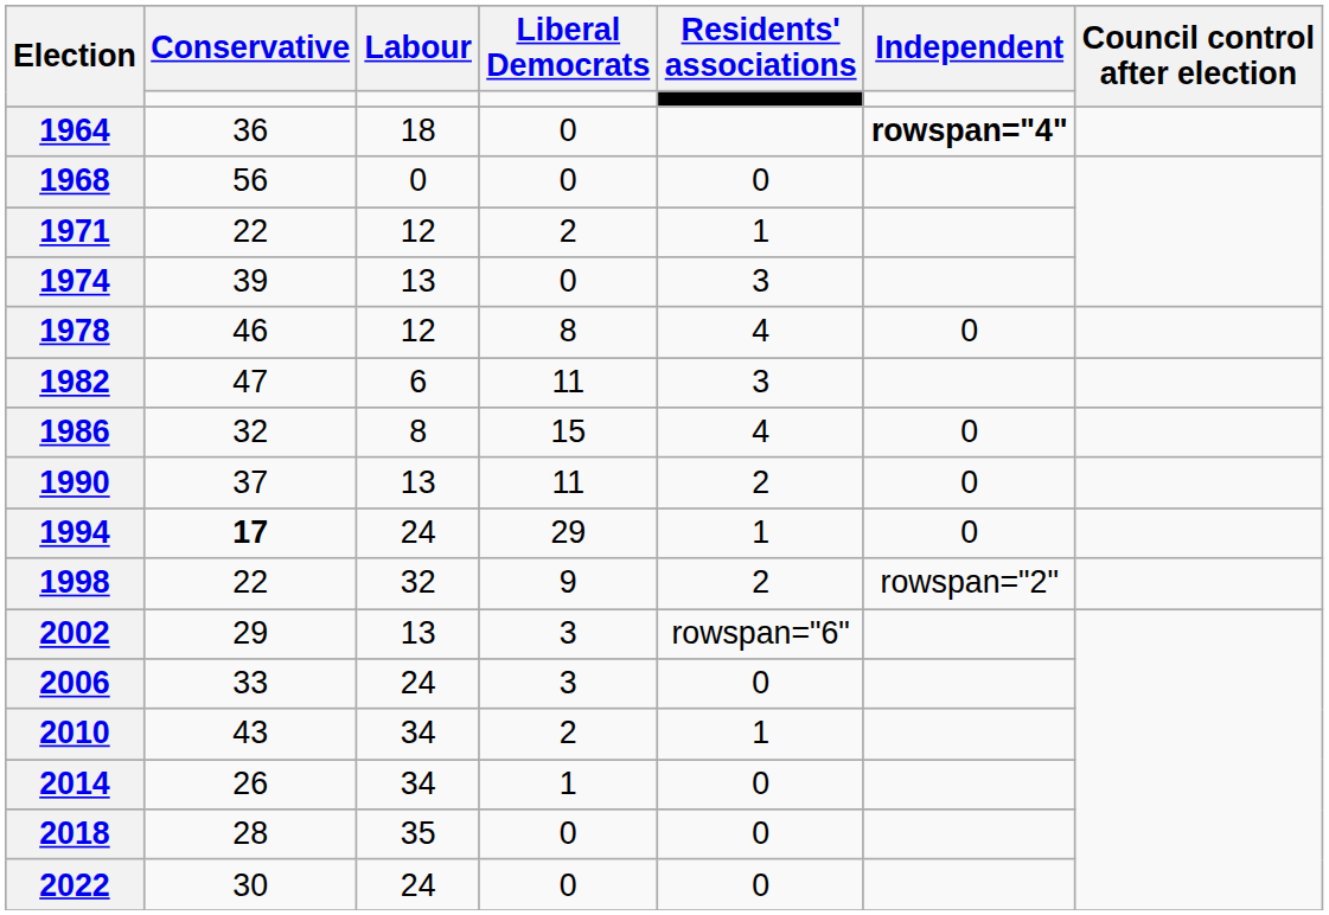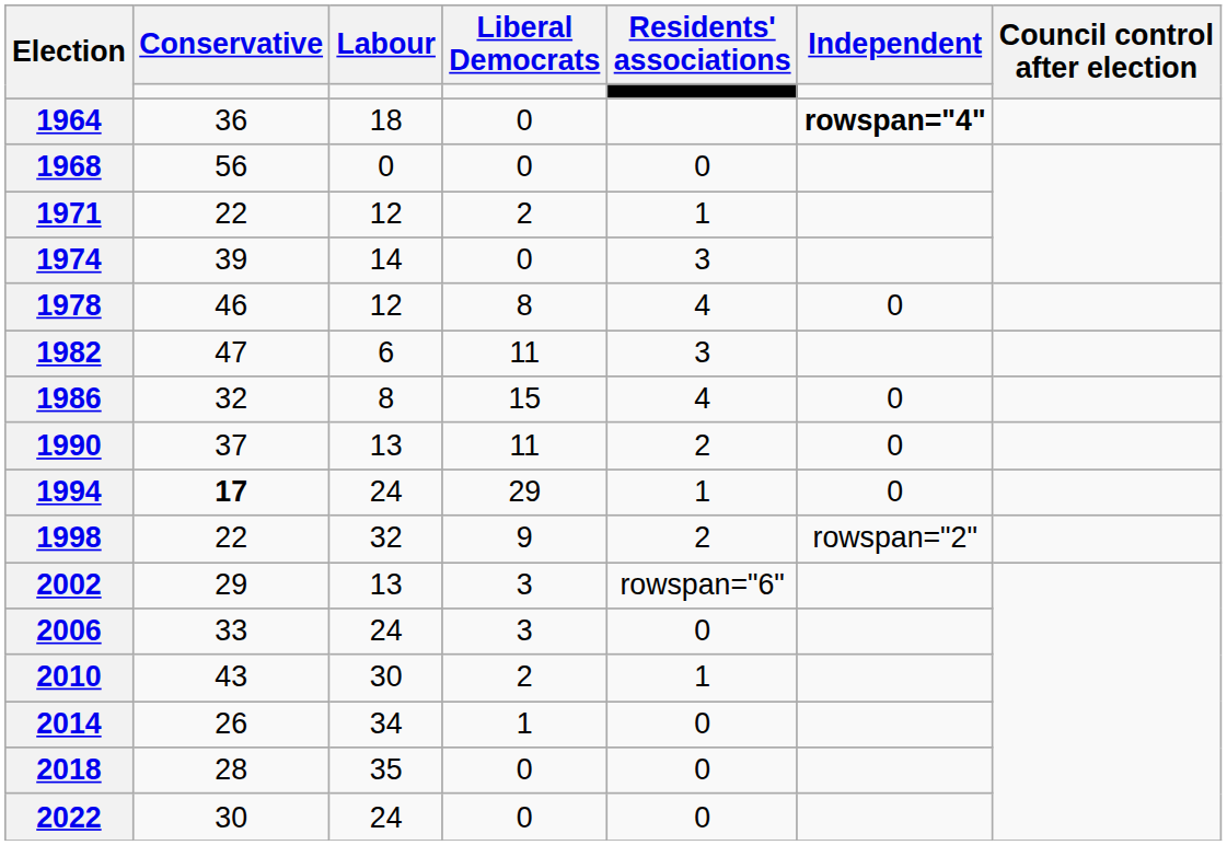 <table class="wikitable plainrowheaders" style="text-align:center">
 <tr>
 <th scope="col" rowspan="2">Election</th>
 <th scope="col"><a href='#'>Conservative</a></th>
 <th scope="col"><a href='#'>Labour</a></th>
 <th scope="col" style="width:1px"><a href='#'>Liberal Democrats</a></th>
 <th scope="col" style="width:1px"><a href='#'>Residents' associations</a></th>
 <th scope="col"><a href='#'>Independent</a></th>
 <th scope="col" rowspan="2" colspan="2">Council control<br>after election</th>
 </tr>
 <tr>
 <td style="background:"></td>
 <td style="background:"></td>
 <td style="background:"></td>
 <td style="background:#000000"></td>
 <td style="background:"></td>
 </tr>
 <tr>
 <th scope="row"><a href='#'>1964</a></th>
 <td>36</td>
 <td>18</td>
 <td>0</td>
 <td></td>
 <td><strong>rowspan="4" </strong></td>
 <td></td>
 </tr>
 <tr>
 <th scope="row"><a href='#'>1968</a></th>
 <td>56</td>
 <td>0</td>
 <td>0</td>
 <td>0</td>
 <td></td>
 </tr>
 <tr>
 <th scope="row"><a href='#'>1971</a></th>
 <td>22</td>
 <td>12</td>
 <td>2</td>
 <td>1</td>
 <td></td>
 </tr>
 <tr>
 <th scope="row"><a href='#'>1974</a></th>
 <td>39</td>
-<td>13</td>
+<td>14</td>
 <td>0</td>
 <td>3</td>
 <td></td>
 </tr>
 <tr>
 <th scope="row"><a href='#'>1978</a></th>
 <td>46</td>
 <td>12</td>
 <td>8</td>
 <td>4</td>
 <td>0</td>
 <td></td>
 </tr>
 <tr>
 <th scope="row"><a href='#'>1982</a></th>
 <td>47</td>
 <td>6</td>
 <td>11</td>
 <td>3</td>
 <td></td>
 <td></td>
 </tr>
 <tr>
 <th scope="row"><a href='#'>1986</a></th>
 <td>32</td>
 <td>8</td>
 <td>15</td>
 <td>4</td>
 <td>0</td>
 <td></td>
 </tr>
 <tr>
 <th scope="row"><a href='#'>1990</a></th>
 <td>37</td>
 <td>13</td>
 <td>11</td>
 <td>2</td>
 <td>0</td>
 <td></td>
 </tr>
 <tr>
 <th scope="row"><a href='#'>1994</a></th>
 <td><strong>17</strong></td>
 <td>24</td>
 <td>29</td>
 <td>1</td>
 <td>0</td>
 <td></td>
 </tr>
 <tr>
 <th scope="row"><a href='#'>1998</a></th>
 <td>22</td>
 <td>32</td>
 <td>9</td>
 <td>2</td>
 <td>rowspan="2" </td>
 <td></td>
 </tr>
 <tr>
 <th scope="row"><a href='#'>2002</a></th>
 <td>29</td>
 <td>13</td>
 <td>3</td>
 <td>rowspan="6" </td>
 <td></td>
 </tr>
 <tr>
 <th scope="row"><a href='#'>2006</a></th>
 <td>33</td>
 <td>24</td>
 <td>3</td>
 <td>0</td>
 <td></td>
 </tr>
 <tr>
 <th scope="row"><a href='#'>2010</a></th>
 <td>43</td>
-<td>34</td>
+<td>30</td>
 <td>2</td>
 <td>1</td>
 <td></td>
 </tr>
 <tr>
 <th scope="row"><a href='#'>2014</a></th>
 <td>26</td>
 <td>34</td>
 <td>1</td>
 <td>0</td>
 <td></td>
 </tr>
 <tr>
 <th scope="row"><a href='#'>2018</a></th>
 <td>28</td>
 <td>35</td>
 <td>0</td>
 <td>0</td>
 <td></td>
 </tr>
 <tr>
 <th scope="row"><a href='#'>2022</a></th>
 <td>30</td>
 <td>24</td>
 <td>0</td>
 <td>0</td>
 <td></td>
 </tr>
 </table>
